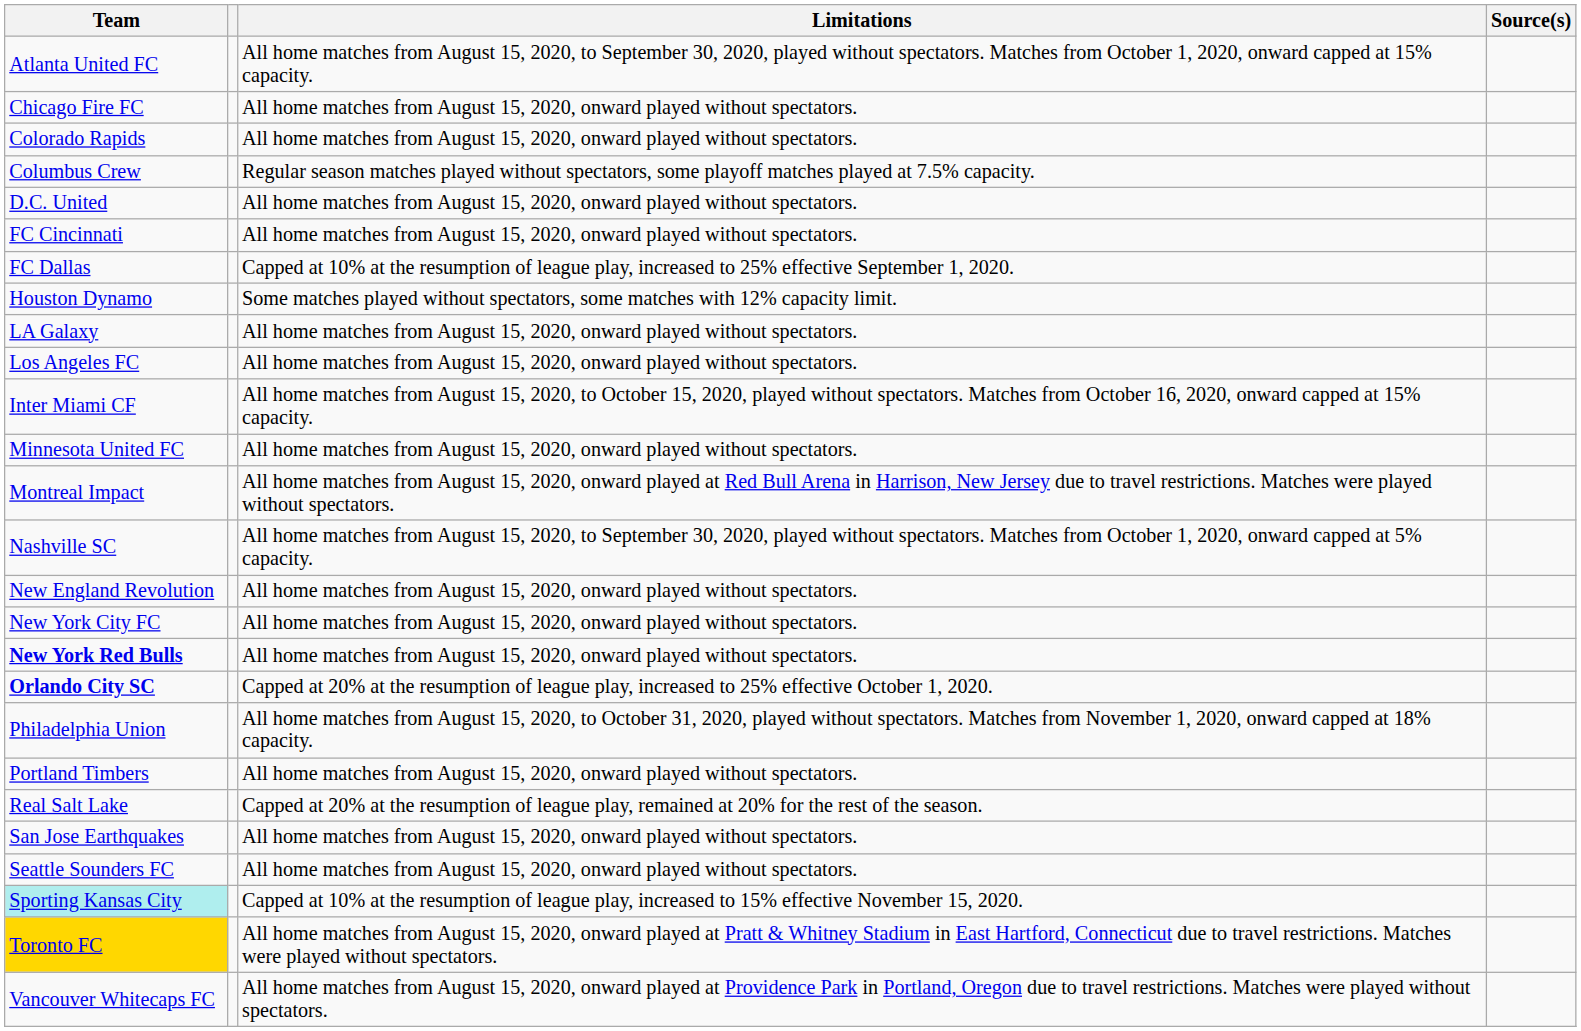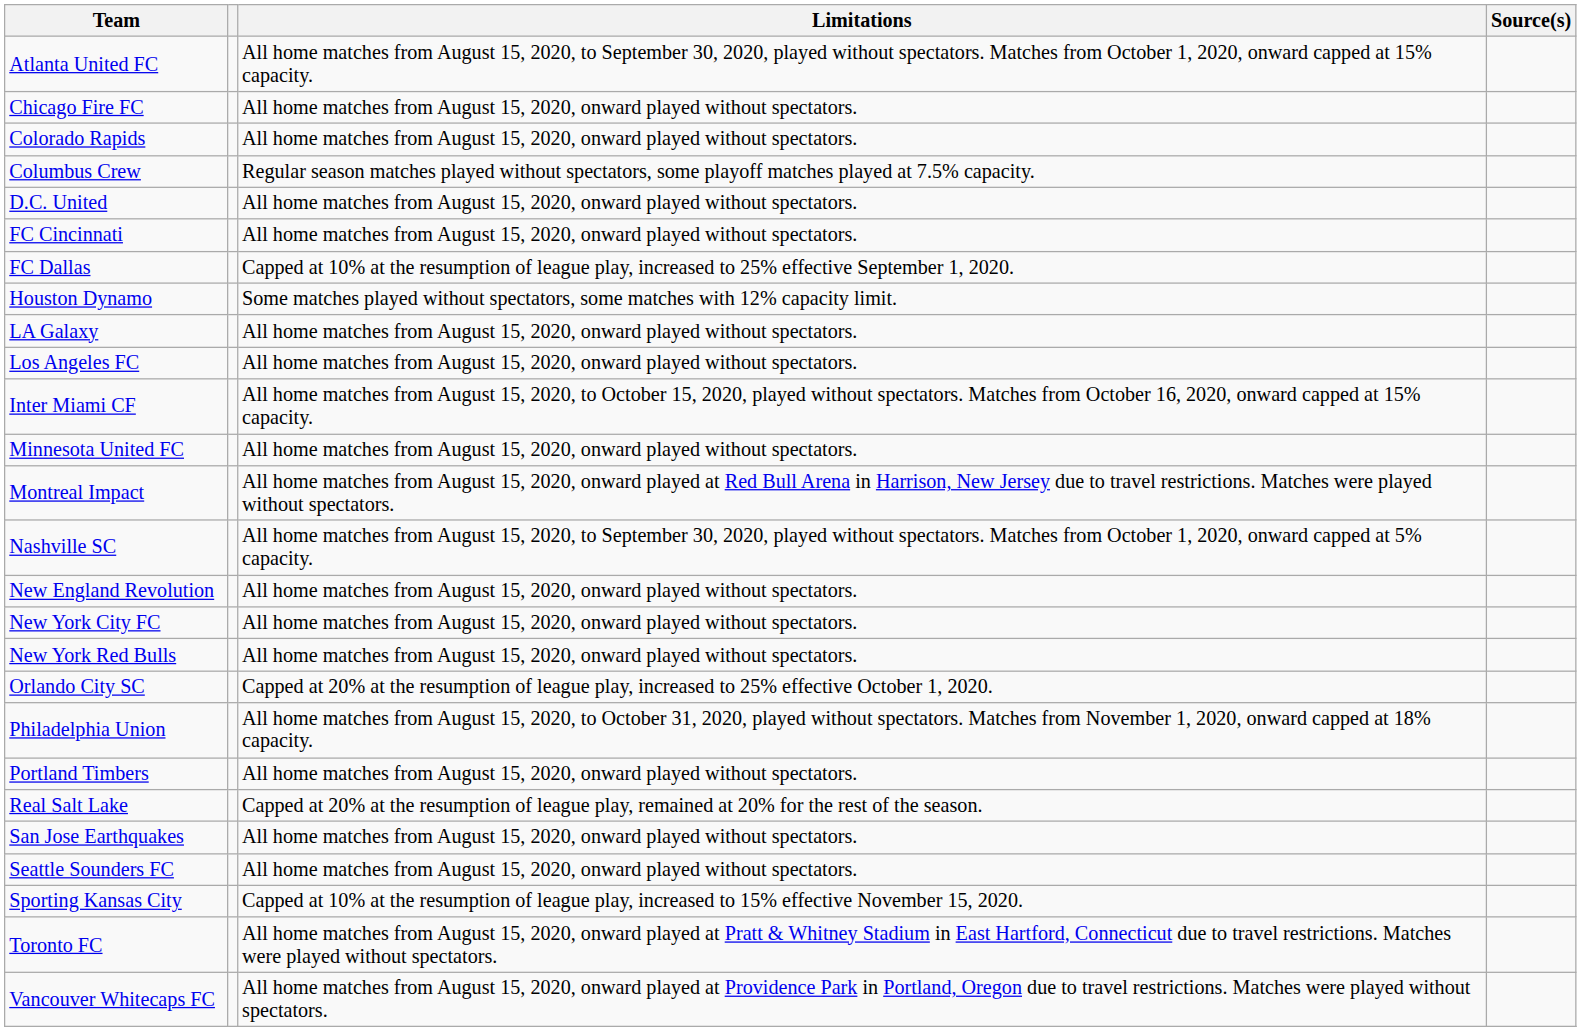 <table class="wikitable sortable">
 <tr>
 <th width=170>Team</th>
 <th></th>
 <th>Limitations</th>
 <th>Source(s)</th>
 </tr>
 <tr>
 <td><a href='#'>Atlanta United FC</a></td>
 <td></td>
 <td>All home matches from August 15, 2020, to September 30, 2020, played without spectators. Matches from October 1, 2020, onward capped at 15% capacity.</td>
 <td></td>
 </tr>
 <tr>
 <td><a href='#'>Chicago Fire FC</a></td>
 <td></td>
 <td>All home matches from August 15, 2020, onward played without spectators.</td>
 <td></td>
 </tr>
 <tr>
 <td><a href='#'>Colorado Rapids</a></td>
 <td></td>
 <td>All home matches from August 15, 2020, onward played without spectators.</td>
 <td></td>
 </tr>
 <tr>
 <td><a href='#'>Columbus Crew</a></td>
 <td></td>
 <td>Regular season matches played without spectators, some playoff matches played at 7.5% capacity.</td>
 <td></td>
 </tr>
 <tr>
 <td><a href='#'>D.C. United</a></td>
 <td></td>
 <td>All home matches from August 15, 2020, onward played without spectators.</td>
 <td></td>
 </tr>
 <tr>
 <td><a href='#'>FC Cincinnati</a></td>
 <td></td>
 <td>All home matches from August 15, 2020, onward played without spectators.</td>
 <td></td>
 </tr>
 <tr>
 <td><a href='#'>FC Dallas</a></td>
 <td></td>
 <td>Capped at 10% at the resumption of league play, increased to 25% effective September 1, 2020.</td>
 <td></td>
 </tr>
 <tr>
 <td><a href='#'>Houston Dynamo</a></td>
 <td></td>
 <td>Some matches played without spectators, some matches with 12% capacity limit.</td>
 <td></td>
 </tr>
 <tr>
 <td><a href='#'>LA Galaxy</a></td>
 <td></td>
 <td>All home matches from August 15, 2020, onward played without spectators.</td>
 <td></td>
 </tr>
 <tr>
 <td><a href='#'>Los Angeles FC</a></td>
 <td></td>
 <td>All home matches from August 15, 2020, onward played without spectators.</td>
 <td></td>
 </tr>
 <tr>
 <td><a href='#'>Inter Miami CF</a></td>
 <td></td>
 <td>All home matches from August 15, 2020, to October 15, 2020, played without spectators. Matches from October 16, 2020, onward capped at 15% capacity.</td>
 <td></td>
 </tr>
 <tr>
 <td><a href='#'>Minnesota United FC</a></td>
 <td></td>
 <td>All home matches from August 15, 2020, onward played without spectators.</td>
 <td></td>
 </tr>
 <tr>
 <td><a href='#'>Montreal Impact</a></td>
 <td></td>
 <td>All home matches from August 15, 2020, onward played at <a href='#'>Red Bull Arena</a> in <a href='#'>Harrison, New Jersey</a> due to travel restrictions. Matches were played without spectators.</td>
 <td></td>
 </tr>
 <tr>
 <td><a href='#'>Nashville SC</a></td>
 <td></td>
 <td>All home matches from August 15, 2020, to September 30, 2020, played without spectators. Matches from October 1, 2020, onward capped at 5% capacity.</td>
 <td></td>
 </tr>
 <tr>
 <td><a href='#'>New England Revolution</a></td>
 <td></td>
 <td>All home matches from August 15, 2020, onward played without spectators.</td>
 <td></td>
 </tr>
 <tr>
 <td><a href='#'>New York City FC</a></td>
 <td></td>
 <td>All home matches from August 15, 2020, onward played without spectators.</td>
 <td></td>
 </tr>
 <tr>
-<td><strong><a href='#'>New York Red Bulls</a></strong></td>
+<td><a href='#'>New York Red Bulls</a></td>
 <td></td>
 <td>All home matches from August 15, 2020, onward played without spectators.</td>
 <td></td>
 </tr>
 <tr>
-<td><strong><a href='#'>Orlando City SC</a></strong></td>
+<td><a href='#'>Orlando City SC</a></td>
 <td></td>
 <td>Capped at 20% at the resumption of league play, increased to 25% effective October 1, 2020.</td>
 <td></td>
 </tr>
 <tr>
 <td><a href='#'>Philadelphia Union</a></td>
 <td></td>
 <td>All home matches from August 15, 2020, to October 31, 2020, played without spectators. Matches from November 1, 2020, onward capped at 18% capacity.</td>
 <td></td>
 </tr>
 <tr>
 <td><a href='#'>Portland Timbers</a></td>
 <td></td>
 <td>All home matches from August 15, 2020, onward played without spectators.</td>
 <td></td>
 </tr>
 <tr>
 <td><a href='#'>Real Salt Lake</a></td>
 <td></td>
 <td>Capped at 20% at the resumption of league play, remained at 20% for the rest of the season.</td>
 <td></td>
 </tr>
 <tr>
 <td><a href='#'>San Jose Earthquakes</a></td>
 <td></td>
 <td>All home matches from August 15, 2020, onward played without spectators.</td>
 <td></td>
 </tr>
 <tr>
 <td><a href='#'>Seattle Sounders FC</a></td>
 <td></td>
 <td>All home matches from August 15, 2020, onward played without spectators.</td>
 <td></td>
 </tr>
 <tr>
-<td style="background: paleturquoise;"><a href='#'>Sporting Kansas City</a></td>
+<td><a href='#'>Sporting Kansas City</a></td>
 <td></td>
 <td>Capped at 10% at the resumption of league play, increased to 15% effective November 15, 2020.</td>
 <td></td>
 </tr>
 <tr>
-<td style="background: gold;"><a href='#'>Toronto FC</a></td>
+<td><a href='#'>Toronto FC</a></td>
 <td></td>
 <td>All home matches from August 15, 2020, onward played at <a href='#'>Pratt & Whitney Stadium</a> in <a href='#'>East Hartford, Connecticut</a> due to travel restrictions. Matches were played without spectators.</td>
 <td></td>
 </tr>
 <tr>
 <td><a href='#'>Vancouver Whitecaps FC</a></td>
 <td></td>
 <td>All home matches from August 15, 2020, onward played at <a href='#'>Providence Park</a> in <a href='#'>Portland, Oregon</a> due to travel restrictions. Matches were played without spectators.</td>
 <td></td>
 </tr>
 <tr>
 </tr>
 </table>
